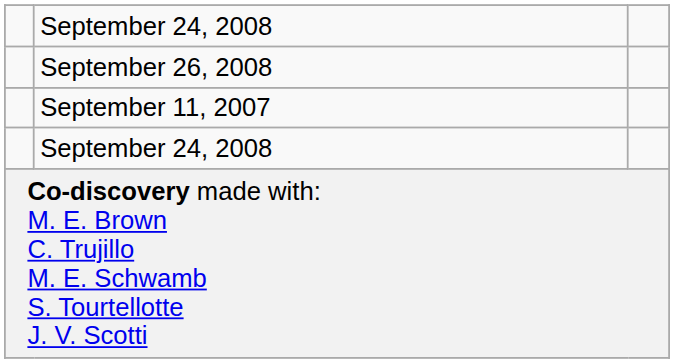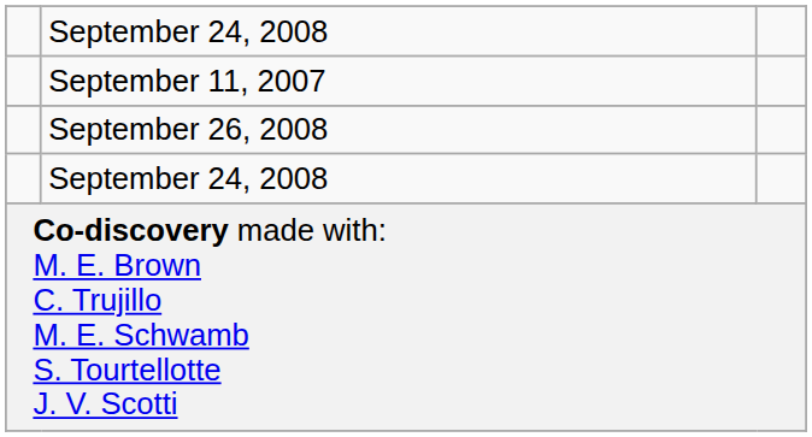 <table class="wikitable" style="font-size: 89%; float: left; width: 26em; margin-right: 1em;">
 <tr>
 <td></td>
 <td>September 24, 2008</td>
 <td> </td>
 </tr>
 <tr>
 <td></td>
-<td>September 26, 2008</td>
+<td>September 11, 2007</td>
 <td> </td>
 </tr>
 <tr>
 <td></td>
-<td>September 11, 2007</td>
+<td>September 26, 2008</td>
 <td> </td>
 </tr>
 <tr>
 <td></td>
 <td>September 24, 2008</td>
 <td> </td>
 </tr>
 <tr>
 <th colspan=3 style="font-weight: normal; text-align: left; padding: 4px 12px;"><strong>Co-discovery</strong> made with:<br> <a href='#'>M. E. Brown</a><br> <a href='#'>C. Trujillo</a><br> <a href='#'>M. E. Schwamb</a><br> <a href='#'>S. Tourtellotte</a><br> <a href='#'>J. V. Scotti</a></th>
 </tr>
 </table>
